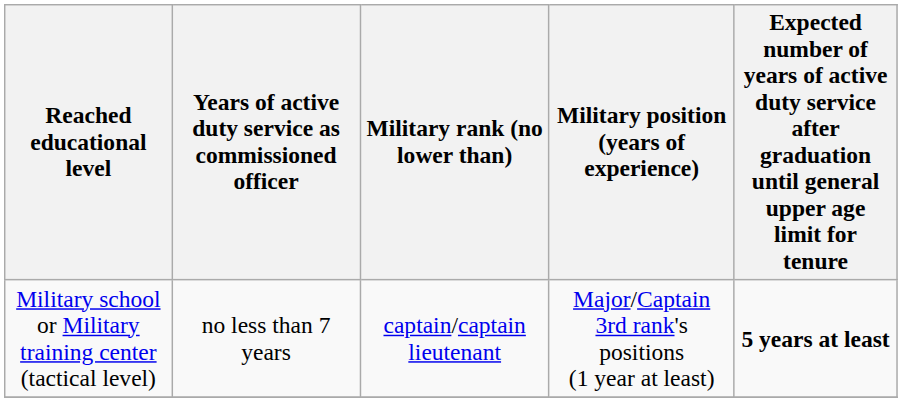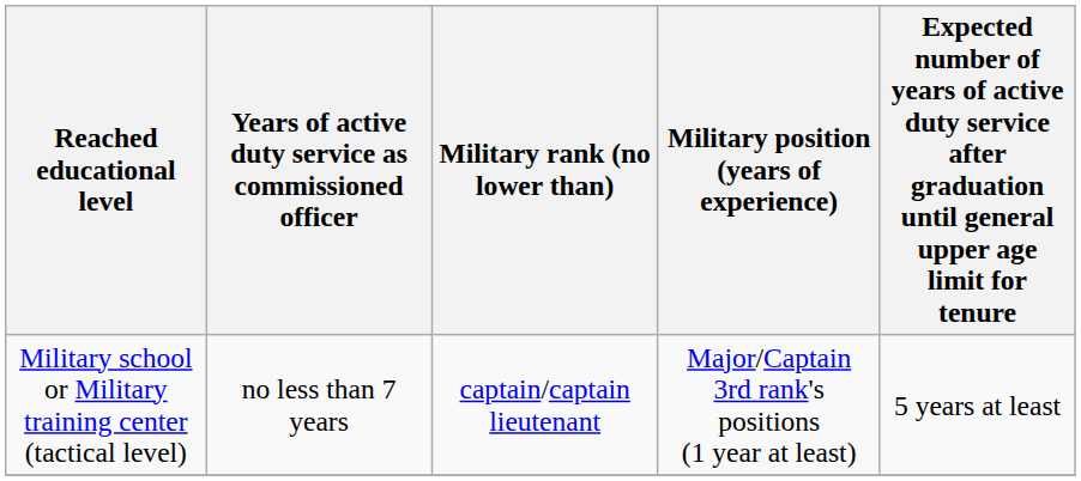 <table class="wikitable">
 <tr>
 <th style="text-align: center; width: 250px;">Reached educational level</th>
 <th style="text-align: center; width: 250px;">Years of active duty service as commissioned officer</th>
 <th style="text-align: center; width: 250px;">Military rank (no lower than)</th>
 <th style="text-align: center; width: 250px;">Military position<br>(years of experience)</th>
 <th style="text-align: center; width: 250px;">Expected number of years of active duty service after graduation until general upper age limit for tenure</th>
 </tr>
 <tr>
 <td style="text-align: center; width: 250px;"><a href='#'>Military school</a> or <a href='#'>Military training center</a><br>(tactical level)</td>
 <td style="text-align: center; width: 250px;">no less than 7 years</td>
 <td style="text-align: center; width: 250px;"><a href='#'>captain</a>/<a href='#'>captain lieutenant</a></td>
 <td style="text-align: center; width: 250px;"><a href='#'>Major</a>/<a href='#'>Captain 3rd rank</a>'s positions<br>(1 year at least)</td>
-<td style="text-align: center; width: 250px;"><strong>5 years at least</strong></td>
+<td style="text-align: center; width: 250px;">5 years at least</td>
 </tr>
 <tr>
 </tr>
 </table>
